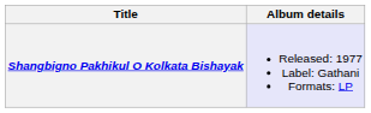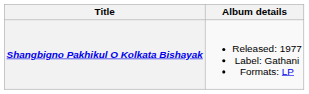 <table class="wikitable plainrowheaders" style="text-align:center;">
 <tr>
 <th scope="col">Title</th>
 <th scope="col">Album details</th>
 </tr>
 <tr>
 <th scope="row"><em><a href='#'>Shangbigno Pakhikul O Kolkata Bishayak</a></em></th>
-<td style="background: lavender;"><br><ul><li>Released: 1977</li><li>Label: Gathani</li><li>Formats: <a href='#'>LP</a></li></ul></td>
+<td><br><ul><li>Released: 1977</li><li>Label: Gathani</li><li>Formats: <a href='#'>LP</a></li></ul></td>
 </tr>
 </table>
